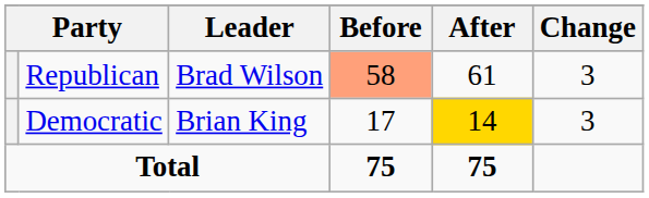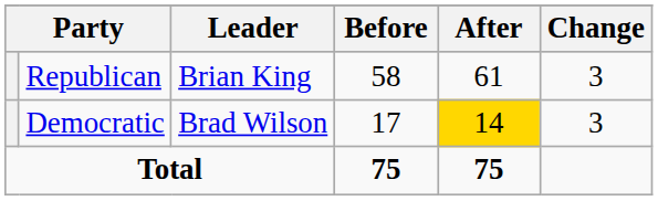 <table class="wikitable" style="text-align:center;">
 <tr>
 </tr>
 <tr>
 <th colspan=2>Party</th>
 <th>Leader</th>
 <th style="width:3em">Before</th>
 <th style="width:3em">After</th>
 <th style="width:3em">Change</th>
 </tr>
 <tr>
 <th style="background-color:"></th>
 <td style="text-align:left;"><a href='#'>Republican</a></td>
-<td style="text-align:left;"><a href='#'>Brad Wilson</a></td>
-<td style="background: lightsalmon;">58</td>
+<td style="text-align:left;"><a href='#'>Brian King</a></td>
+<td>58</td>
 <td>61</td>
 <td> 3</td>
 </tr>
 <tr>
 <th style="background-color:"></th>
 <td style="text-align:left;"><a href='#'>Democratic</a></td>
-<td style="text-align:left;"><a href='#'>Brian King</a></td>
+<td style="text-align:left;"><a href='#'>Brad Wilson</a></td>
 <td>17</td>
 <td style="background: gold;">14</td>
 <td> 3</td>
 </tr>
 <tr>
 <td colspan=3><strong>Total</strong></td>
 <td><strong>75</strong></td>
 <td><strong>75</strong></td>
 <td></td>
 </tr>
 </table>
